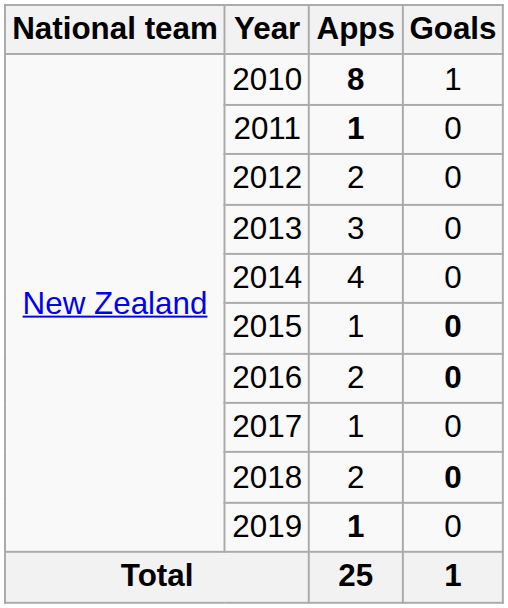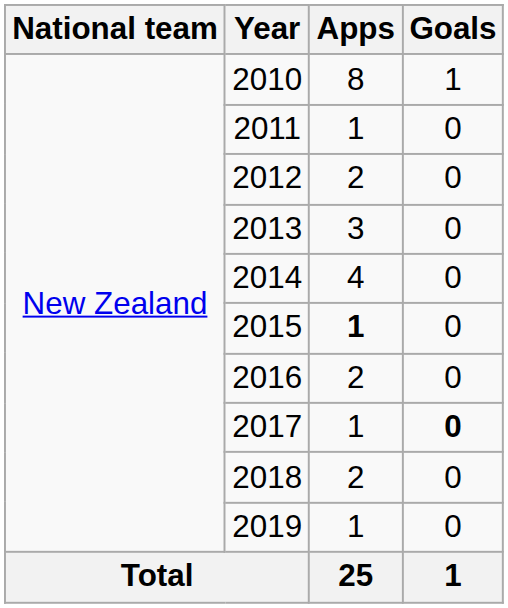 <table class=wikitable style=text-align:center>
 <tr>
 <th>National team</th>
 <th>Year</th>
 <th>Apps</th>
 <th>Goals</th>
 </tr>
 <tr>
 <td rowspan=10><a href='#'>New Zealand</a></td>
 <td>2010</td>
-<td><strong>8</strong></td>
+<td>8</td>
 <td>1</td>
 </tr>
 <tr>
 <td>2011</td>
-<td><strong>1</strong></td>
+<td>1</td>
 <td>0</td>
 </tr>
 <tr>
 <td>2012</td>
 <td>2</td>
 <td>0</td>
 </tr>
 <tr>
 <td>2013</td>
 <td>3</td>
 <td>0</td>
 </tr>
 <tr>
 <td>2014</td>
 <td>4</td>
 <td>0</td>
 </tr>
 <tr>
 <td>2015</td>
+<td><strong>1</strong></td>
+<td>0</td>
+</tr>
+<tr>
+<td>2016</td>
+<td>2</td>
+<td>0</td>
+</tr>
+<tr>
+<td>2017</td>
 <td>1</td>
 <td><strong>0</strong></td>
 </tr>
 <tr>
-<td>2016</td>
+<td>2018</td>
 <td>2</td>
-<td><strong>0</strong></td>
-</tr>
-<tr>
-<td>2017</td>
-<td>1</td>
 <td>0</td>
 </tr>
 <tr>
-<td>2018</td>
-<td>2</td>
-<td><strong>0</strong></td>
-</tr>
-<tr>
 <td>2019</td>
-<td><strong>1</strong></td>
+<td>1</td>
 <td>0</td>
 </tr>
 <tr>
 <th colspan=2>Total</th>
 <th>25</th>
 <th>1</th>
 </tr>
 </table>
